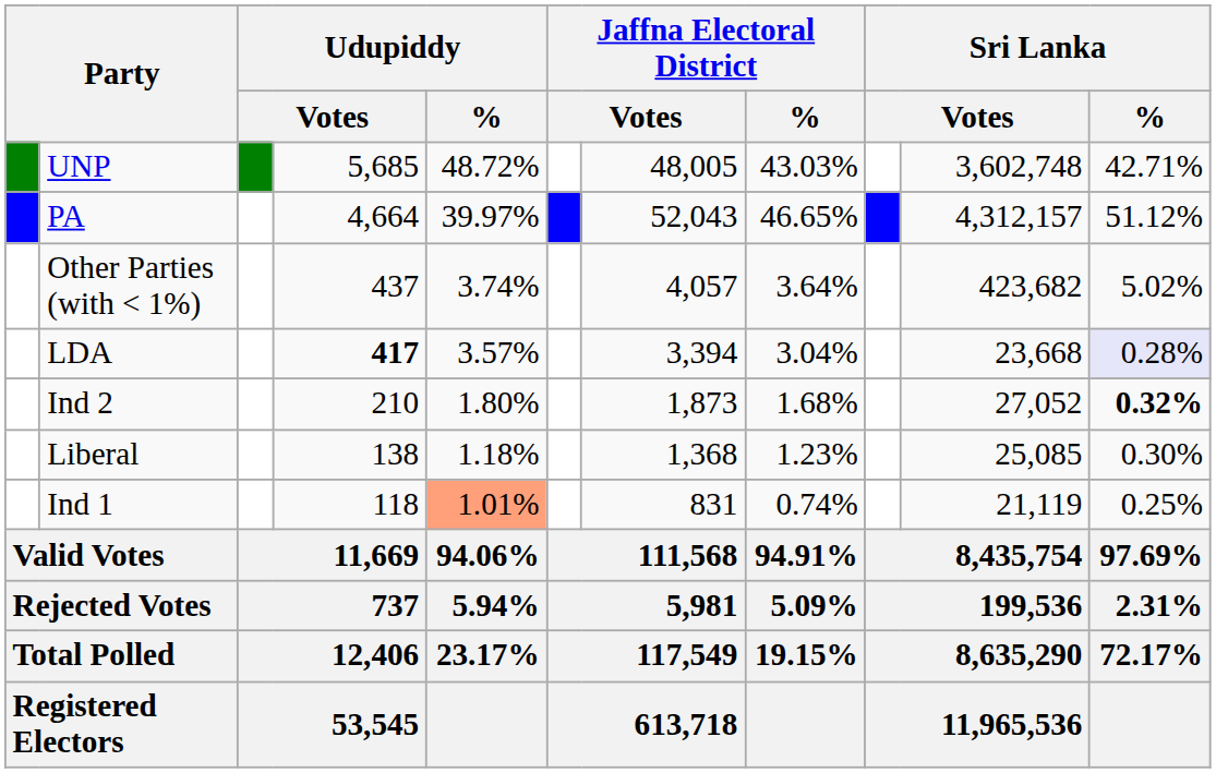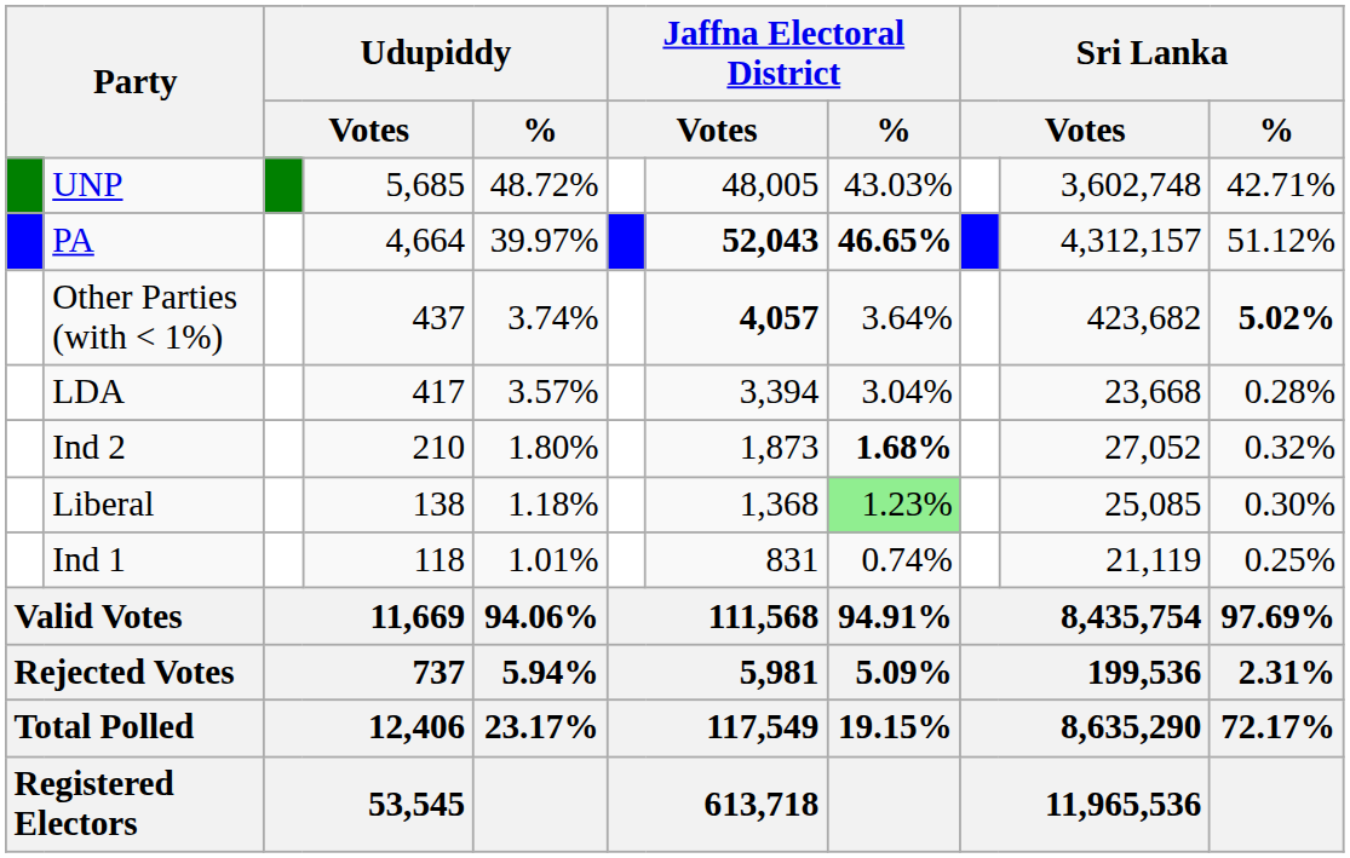 <table class="wikitable">
 <tr>
 <th colspan="2" width="144px"rowspan="2">Party</th>
 <th colspan="3" width="216px">Udupiddy</th>
 <th colspan="3" width="216px"><a href='#'>Jaffna Electoral District</a></th>
 <th colspan="3" width="216px">Sri Lanka</th>
 </tr>
 <tr>
 <th colspan="2" width="144px">Votes</th>
 <th>%</th>
 <th colspan="2" width="144px">Votes</th>
 <th>%</th>
 <th colspan="2" width="144px">Votes</th>
 <th>%</th>
 </tr>
 <tr>
 <td style="background-color:green;" width="10px"></td>
 <td style="text-align:left;"><a href='#'>UNP</a></td>
 <td style="background-color:green;" width="10px"></td>
 <td style="text-align:right;">5,685</td>
 <td style="text-align:right;">48.72%</td>
 <td style="background-color:white;" width="10px"></td>
 <td style="text-align:right;">48,005</td>
 <td style="text-align:right;">43.03%</td>
 <td style="background-color:white;" width="10px"></td>
 <td style="text-align:right;">3,602,748</td>
 <td style="text-align:right;">42.71%</td>
 </tr>
 <tr>
 <td style="background-color:blue;" width="10px"></td>
 <td style="text-align:left;"><a href='#'>PA</a></td>
 <td style="background-color:white;" width="10px"></td>
 <td style="text-align:right;">4,664</td>
 <td style="text-align:right;">39.97%</td>
 <td style="background-color:blue;" width="10px"></td>
-<td style="text-align:right;">52,043</td>
-<td style="text-align:right;">46.65%</td>
+<td style="text-align:right;"><strong>52,043</strong></td>
+<td style="text-align:right;"><strong>46.65%</strong></td>
 <td style="background-color:blue;" width="10px"></td>
 <td style="text-align:right;">4,312,157</td>
 <td style="text-align:right;">51.12%</td>
 </tr>
 <tr>
 <td style="background-color:white;" width="10px"></td>
 <td style="text-align:left;">Other Parties (with < 1%)</td>
 <td style="background-color:white;" width="10px"></td>
 <td style="text-align:right;">437</td>
 <td style="text-align:right;">3.74%</td>
 <td style="background-color:white;" width="10px"></td>
-<td style="text-align:right;">4,057</td>
+<td style="text-align:right;"><strong>4,057</strong></td>
 <td style="text-align:right;">3.64%</td>
 <td style="background-color:white;" width="10px"></td>
 <td style="text-align:right;">423,682</td>
-<td style="text-align:right;">5.02%</td>
+<td style="text-align:right;"><strong>5.02%</strong></td>
 </tr>
 <tr>
 <td style="background-color:white;" width="10px"></td>
 <td style="text-align:left;">LDA</td>
 <td style="background-color:white;" width="10px"></td>
-<td style="text-align:right;"><strong>417</strong></td>
+<td style="text-align:right;">417</td>
 <td style="text-align:right;">3.57%</td>
 <td style="background-color:white;" width="10px"></td>
 <td style="text-align:right;">3,394</td>
 <td style="text-align:right;">3.04%</td>
 <td style="background-color:white;" width="10px"></td>
 <td style="text-align:right;">23,668</td>
-<td style="background: lavender; text-align:right;">0.28%</td>
+<td style="text-align:right;">0.28%</td>
 </tr>
 <tr>
 <td style="background-color:white;" width="10px"></td>
 <td style="text-align:left;">Ind 2</td>
 <td style="background-color:white;" width="10px"></td>
 <td style="text-align:right;">210</td>
 <td style="text-align:right;">1.80%</td>
 <td style="background-color:white;" width="10px"></td>
 <td style="text-align:right;">1,873</td>
-<td style="text-align:right;">1.68%</td>
+<td style="text-align:right;"><strong>1.68%</strong></td>
 <td style="background-color:white;" width="10px"></td>
 <td style="text-align:right;">27,052</td>
-<td style="text-align:right;"><strong>0.32%</strong></td>
+<td style="text-align:right;">0.32%</td>
 </tr>
 <tr>
 <td style="background-color:white;" width="10px"></td>
 <td style="text-align:left;">Liberal</td>
 <td style="background-color:white;" width="10px"></td>
 <td style="text-align:right;">138</td>
 <td style="text-align:right;">1.18%</td>
 <td style="background-color:white;" width="10px"></td>
 <td style="text-align:right;">1,368</td>
-<td style="text-align:right;">1.23%</td>
+<td style="background: lightgreen; text-align:right;">1.23%</td>
 <td style="background-color:white;" width="10px"></td>
 <td style="text-align:right;">25,085</td>
 <td style="text-align:right;">0.30%</td>
 </tr>
 <tr>
 <td style="background-color:white;" width="10px"></td>
 <td style="text-align:left;">Ind 1</td>
 <td style="background-color:white;" width="10px"></td>
 <td style="text-align:right;">118</td>
-<td style="background: lightsalmon; text-align:right;">1.01%</td>
+<td style="text-align:right;">1.01%</td>
 <td style="background-color:white;" width="10px"></td>
 <td style="text-align:right;">831</td>
 <td style="text-align:right;">0.74%</td>
 <td style="background-color:white;" width="10px"></td>
 <td style="text-align:right;">21,119</td>
 <td style="text-align:right;">0.25%</td>
 </tr>
 <tr>
 <th colspan="2" width="144px"style="text-align:left;">Valid Votes</th>
 <th style="text-align:right;"colspan="2" width="144px">11,669</th>
 <th style="text-align:right;">94.06%</th>
 <th style="text-align:right;"colspan="2" width="144px">111,568</th>
 <th style="text-align:right;">94.91%</th>
 <th style="text-align:right;"colspan="2" width="144px">8,435,754</th>
 <th style="text-align:right;">97.69%</th>
 </tr>
 <tr>
 <th colspan="2" width="144px"style="text-align:left;">Rejected Votes</th>
 <th style="text-align:right;"colspan="2" width="144px">737</th>
 <th style="text-align:right;">5.94%</th>
 <th style="text-align:right;"colspan="2" width="144px">5,981</th>
 <th style="text-align:right;">5.09%</th>
 <th style="text-align:right;"colspan="2" width="144px">199,536</th>
 <th style="text-align:right;">2.31%</th>
 </tr>
 <tr>
 <th colspan="2" width="144px"style="text-align:left;">Total Polled</th>
 <th style="text-align:right;"colspan="2" width="144px">12,406</th>
 <th style="text-align:right;">23.17%</th>
 <th style="text-align:right;"colspan="2" width="144px">117,549</th>
 <th style="text-align:right;">19.15%</th>
 <th style="text-align:right;"colspan="2" width="144px">8,635,290</th>
 <th style="text-align:right;">72.17%</th>
 </tr>
 <tr>
 <th colspan="2" width="144px"style="text-align:left;">Registered Electors</th>
 <th style="text-align:right;"colspan="2" width="144px">53,545</th>
 <th></th>
 <th style="text-align:right;"colspan="2" width="144px">613,718</th>
 <th></th>
 <th style="text-align:right;"colspan="2" width="144px">11,965,536</th>
 <th></th>
 </tr>
 </table>
